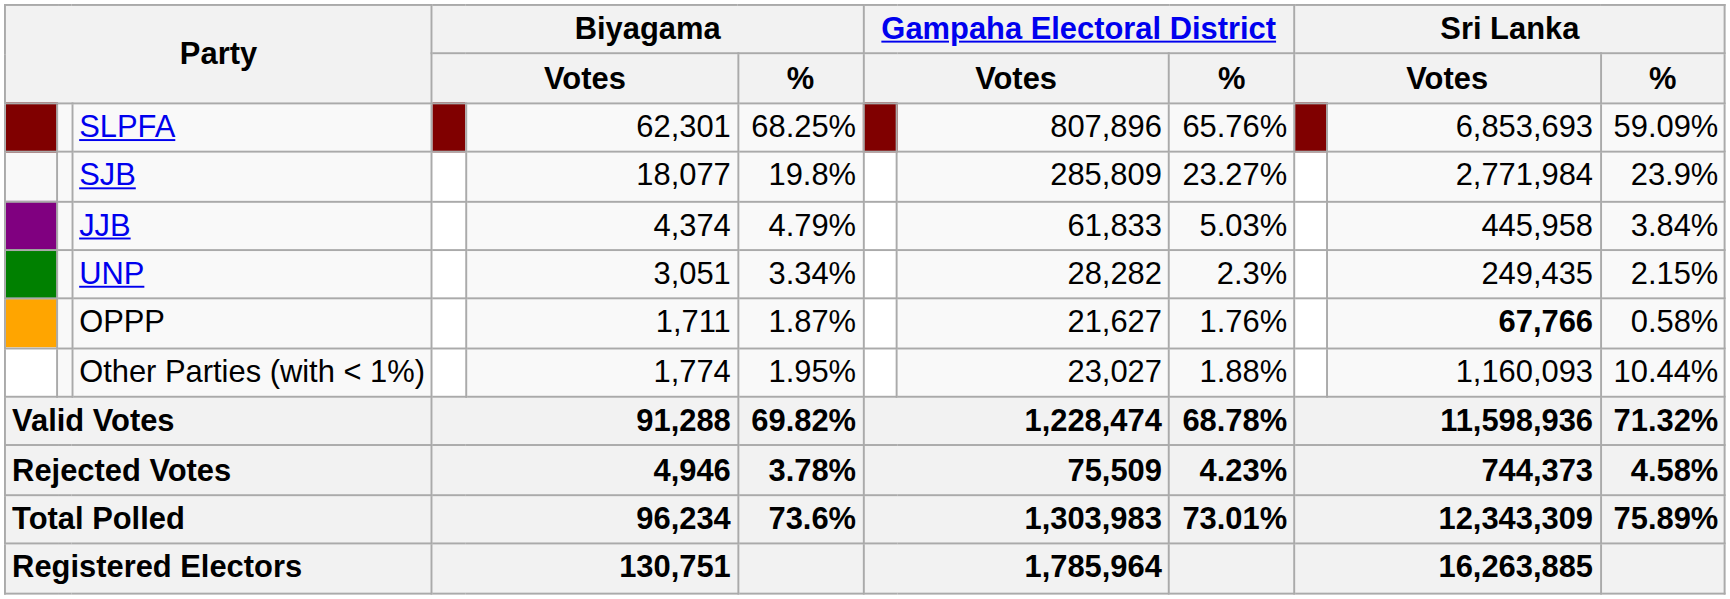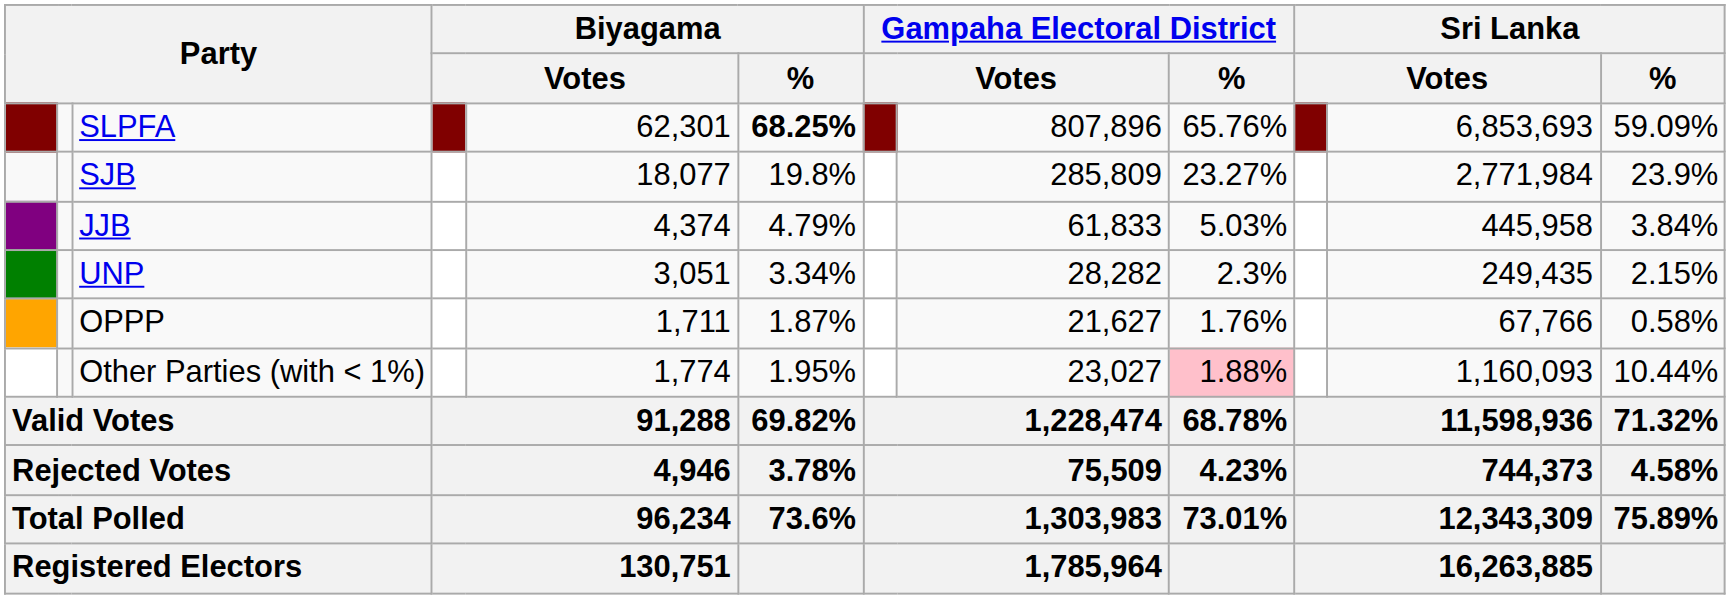 <table class="wikitable">
 <tr>
 <th colspan="3" width="144px"rowspan="2">Party</th>
 <th colspan="3" width="216px">Biyagama</th>
 <th colspan="3" width="216px"><a href='#'>Gampaha Electoral District</a></th>
 <th colspan="3" width="216px">Sri Lanka</th>
 </tr>
 <tr>
 <th colspan="2" width="144px">Votes</th>
 <th>%</th>
 <th colspan="2" width="144px">Votes</th>
 <th>%</th>
 <th colspan="2" width="144px">Votes</th>
 <th>%</th>
 </tr>
 <tr>
 <td style="background-color:maroon;" width="20px"></td>
 <td></td>
 <td style="text-align:left;"><a href='#'>SLPFA</a></td>
 <td style="background-color:maroon;" width="10px"></td>
 <td style="text-align:right;">62,301</td>
-<td style="text-align:right;">68.25%</td>
+<td style="text-align:right;"><strong>68.25%</strong></td>
 <td style="background-color:maroon;" width="10px"></td>
 <td style="text-align:right;">807,896</td>
 <td style="text-align:right;">65.76%</td>
 <td style="background-color:maroon;" width="10px"></td>
 <td style="text-align:right;">6,853,693</td>
 <td style="text-align:right;">59.09%</td>
 </tr>
 <tr>
 <td style="background-color:"></td>
 <td></td>
 <td style="text-align:left;"><a href='#'>SJB</a></td>
 <td style="background-color:white;" width="10px"></td>
 <td style="text-align:right;">18,077</td>
 <td style="text-align:right;">19.8%</td>
 <td style="background-color:white;" width="10px"></td>
 <td style="text-align:right;">285,809</td>
 <td style="text-align:right;">23.27%</td>
 <td style="background-color:white;" width="10px"></td>
 <td style="text-align:right;">2,771,984</td>
 <td style="text-align:right;">23.9%</td>
 </tr>
 <tr>
 <td style="background-color:purple;" width="20px"></td>
 <td></td>
 <td style="text-align:left;"><a href='#'>JJB</a></td>
 <td style="background-color:white;" width="10px"></td>
 <td style="text-align:right;">4,374</td>
 <td style="text-align:right;">4.79%</td>
 <td style="background-color:white;" width="10px"></td>
 <td style="text-align:right;">61,833</td>
 <td style="text-align:right;">5.03%</td>
 <td style="background-color:white;" width="10px"></td>
 <td style="text-align:right;">445,958</td>
 <td style="text-align:right;">3.84%</td>
 </tr>
 <tr>
 <td style="background-color:green;" width="20px"></td>
 <td></td>
 <td style="text-align:left;"><a href='#'>UNP</a></td>
 <td style="background-color:white;" width="10px"></td>
 <td style="text-align:right;">3,051</td>
 <td style="text-align:right;">3.34%</td>
 <td style="background-color:white;" width="10px"></td>
 <td style="text-align:right;">28,282</td>
 <td style="text-align:right;">2.3%</td>
 <td style="background-color:white;" width="10px"></td>
 <td style="text-align:right;">249,435</td>
 <td style="text-align:right;">2.15%</td>
 </tr>
 <tr>
 <td style="background-color:orange;" width="20px"></td>
 <td></td>
 <td style="text-align:left;">OPPP</td>
 <td style="background-color:white;" width="10px"></td>
 <td style="text-align:right;">1,711</td>
 <td style="text-align:right;">1.87%</td>
 <td style="background-color:white;" width="10px"></td>
 <td style="text-align:right;">21,627</td>
 <td style="text-align:right;">1.76%</td>
 <td style="background-color:white;" width="10px"></td>
-<td style="text-align:right;"><strong>67,766</strong></td>
+<td style="text-align:right;">67,766</td>
 <td style="text-align:right;">0.58%</td>
 </tr>
 <tr>
 <td style="background-color:white;" width="20px"></td>
 <td></td>
 <td style="text-align:left;">Other Parties (with < 1%)</td>
 <td style="background-color:white;" width="10px"></td>
 <td style="text-align:right;">1,774</td>
 <td style="text-align:right;">1.95%</td>
 <td style="background-color:white;" width="10px"></td>
 <td style="text-align:right;">23,027</td>
-<td style="text-align:right;">1.88%</td>
+<td style="background: pink; text-align:right;">1.88%</td>
 <td style="background-color:white;" width="10px"></td>
 <td style="text-align:right;">1,160,093</td>
 <td style="text-align:right;">10.44%</td>
 </tr>
 <tr>
 <th colspan="3" width="144px"style="text-align:left;">Valid Votes</th>
 <th style="text-align:right;"colspan="2" width="144px">91,288</th>
 <th style="text-align:right;">69.82%</th>
 <th style="text-align:right;"colspan="2" width="144px">1,228,474</th>
 <th style="text-align:right;">68.78%</th>
 <th style="text-align:right;"colspan="2" width="144px">11,598,936</th>
 <th style="text-align:right;">71.32%</th>
 </tr>
 <tr>
 <th colspan="3" width="144px"style="text-align:left;">Rejected Votes</th>
 <th style="text-align:right;"colspan="2" width="144px">4,946</th>
 <th style="text-align:right;">3.78%</th>
 <th style="text-align:right;"colspan="2" width="144px">75,509</th>
 <th style="text-align:right;">4.23%</th>
 <th style="text-align:right;"colspan="2" width="144px">744,373</th>
 <th style="text-align:right;">4.58%</th>
 </tr>
 <tr>
 <th colspan="3" width="144px"style="text-align:left;">Total Polled</th>
 <th style="text-align:right;"colspan="2" width="144px">96,234</th>
 <th style="text-align:right;">73.6%</th>
 <th style="text-align:right;"colspan="2" width="144px">1,303,983</th>
 <th style="text-align:right;">73.01%</th>
 <th style="text-align:right;"colspan="2" width="144px">12,343,309</th>
 <th style="text-align:right;">75.89%</th>
 </tr>
 <tr>
 <th colspan="3" width="144px"style="text-align:left;">Registered Electors</th>
 <th style="text-align:right;"colspan="2" width="144px">130,751</th>
 <th></th>
 <th style="text-align:right;"colspan="2" width="144px">1,785,964</th>
 <th></th>
 <th style="text-align:right;"colspan="2" width="144px">16,263,885</th>
 <th></th>
 </tr>
 </table>
